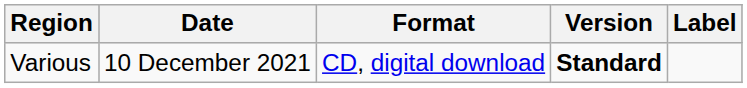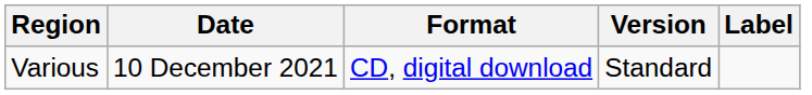 <table class="wikitable sortable">
 <tr>
 <th>Region</th>
 <th>Date</th>
 <th>Format</th>
 <th>Version</th>
 <th>Label</th>
 </tr>
 <tr>
 <td>Various</td>
 <td>10 December 2021</td>
 <td rowspan="2"><a href='#'>CD</a>, <a href='#'>digital download</a></td>
-<td><strong>Standard</strong></td>
+<td>Standard</td>
 <td></td>
 </tr>
 </table>
